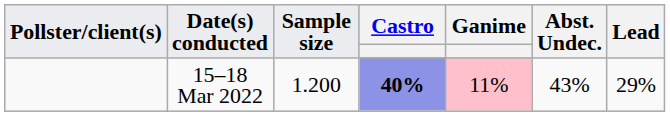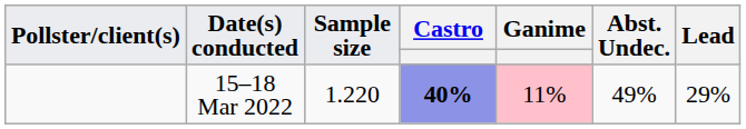 <table class="wikitable sortable" style="text-align:center;font-size:90%;line-height:14px;">
 <tr>
 <td rowspan="2" class="unsortable" style="width:50px;background:#eaecf0;"><strong>Pollster/client(s)</strong></td>
 <td rowspan="2" class="unsortable" style="width:50px;background:#eaecf0;"><strong>Date(s) <br>conducted</strong></td>
 <td rowspan="2" class="unsortable" style="width:50px;background:#eaecf0;"><strong>Sample <br>size</strong></td>
 <th class="unsortable" style="width:50px;"><a href='#'>Castro</a><br></th>
 <th class="unsortable" style="width:50px;"><strong>Ganime</strong><br></th>
 <th rowspan="2" class="unsortable">Abst.<br>Undec.</th>
 <th rowspan="2" data-sort-type="number">Lead</th>
 </tr>
 <tr>
 <th class="sortable" data-sort-type="number" style="background:"></th>
 <th class="sortable" data-sort-type="number" style="background:"></th>
 </tr>
 <tr>
 <td></td>
 <td>15–18 Mar 2022</td>
-<td>1.200</td>
+<td>1.220</td>
 <td style="background:#8c92e6;"><strong>40%</strong></td>
 <td style="background: pink;">11%</td>
-<td>43%</td>
+<td>49%</td>
 <td style="background:">29%</td>
 </tr>
 </table>
